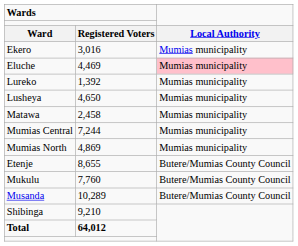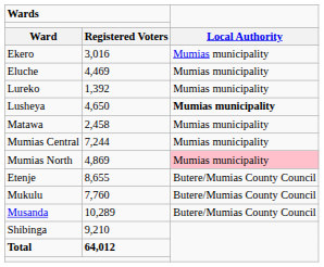 <table class="wikitable">
 <tr>
 <td colspan="2"><strong>Wards</strong></td>
 </tr>
 <tr>
 <td colspan="2"></td>
 </tr>
 <tr>
 <th>Ward</th>
 <th>Registered Voters</th>
 <th><a href='#'>Local Authority</a></th>
 </tr>
 <tr>
 <td>Ekero</td>
 <td>3,016</td>
 <td><a href='#'>Mumias</a> municipality</td>
 </tr>
 <tr>
 <td>Eluche</td>
 <td>4,469</td>
-<td style="background: pink;">Mumias municipality</td>
+<td>Mumias municipality</td>
 </tr>
 <tr>
 <td>Lureko</td>
 <td>1,392</td>
 <td>Mumias municipality</td>
 </tr>
 <tr>
 <td>Lusheya</td>
 <td>4,650</td>
-<td>Mumias municipality</td>
+<td><strong>Mumias municipality</strong></td>
 </tr>
 <tr>
 <td>Matawa</td>
 <td>2,458</td>
 <td>Mumias municipality</td>
 </tr>
 <tr>
 <td>Mumias Central</td>
 <td>7,244</td>
 <td>Mumias municipality</td>
 </tr>
 <tr>
 <td>Mumias North</td>
 <td>4,869</td>
-<td>Mumias municipality</td>
+<td style="background: pink;">Mumias municipality</td>
 </tr>
 <tr>
 <td>Etenje</td>
 <td>8,655</td>
 <td>Butere/Mumias County Council</td>
 </tr>
 <tr>
 <td>Mukulu</td>
 <td>7,760</td>
 <td>Butere/Mumias County Council</td>
 </tr>
 <tr>
 <td><a href='#'>Musanda</a></td>
 <td>10,289</td>
 <td>Butere/Mumias County Council</td>
 </tr>
 <tr>
 <td>Shibinga</td>
 <td>9,210</td>
 </tr>
 <tr>
 <td><strong>Total</strong></td>
 <td><strong>64,012</strong></td>
 </tr>
 <tr>
 <td colspan="2"></td>
 </tr>
 </table>
